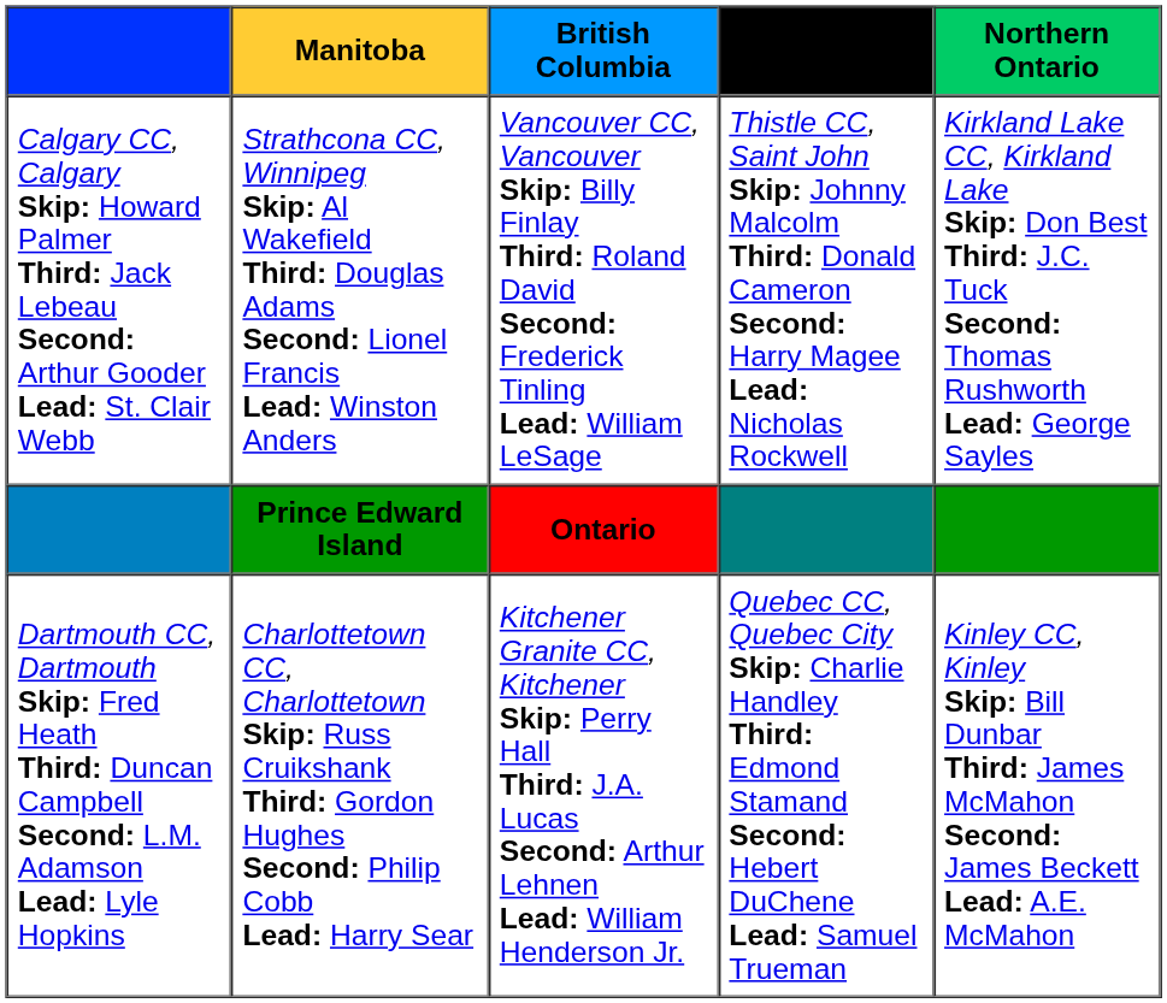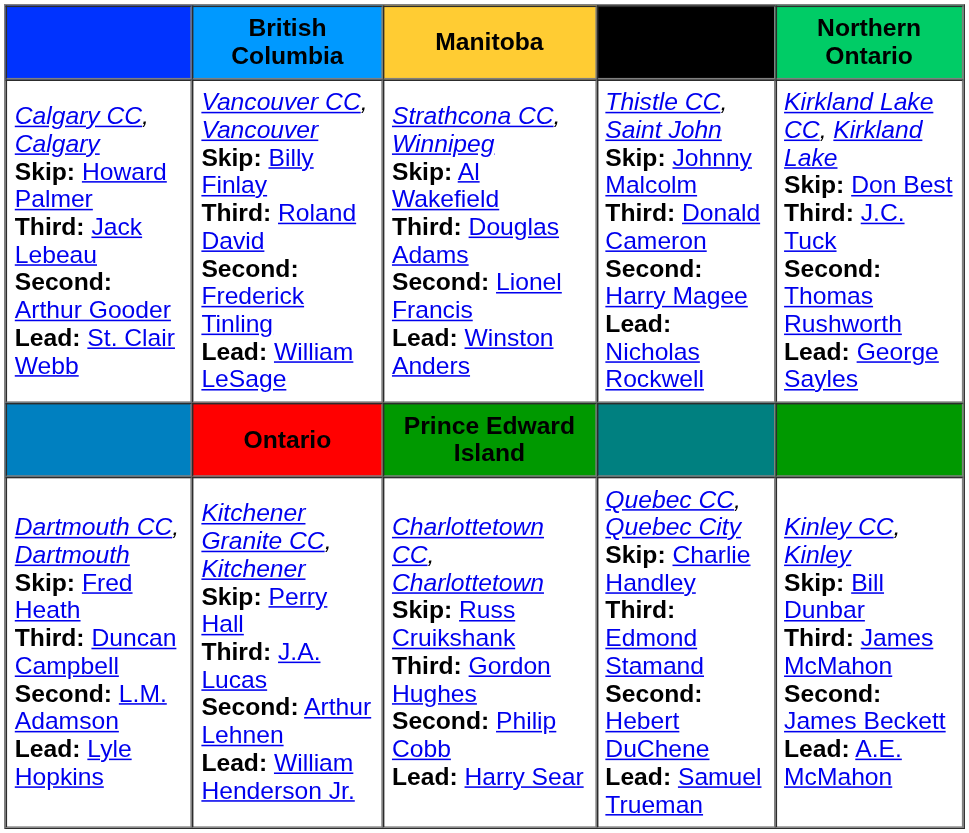 <table - border=1 cellpadding=5 cellspacing=0>
 <tr>
 <th bgcolor=#0033FF width=200></th>
+<th style="background:#09f; width:200px;">British Columbia</th>
 <th style="background:#FFCC33; width:200px;">Manitoba</th>
-<th style="background:#09f; width:200px;">British Columbia</th>
 <th bgcolor=#000000 width=200></th>
 <th style="background:#0c6; width:200px;">Northern Ontario</th>
 </tr>
 <tr>
 <td><em><a href='#'>Calgary CC</a>, <a href='#'>Calgary</a></em><br><strong>Skip:</strong> <a href='#'>Howard Palmer</a><br> <strong>Third:</strong> <a href='#'>Jack Lebeau</a><br> <strong>Second:</strong> <a href='#'>Arthur Gooder</a><br> <strong>Lead:</strong> <a href='#'>St. Clair Webb</a></td>
+<td><em><a href='#'>Vancouver CC</a>, <a href='#'>Vancouver</a></em><br><strong>Skip:</strong> <a href='#'>Billy Finlay</a><br> <strong>Third:</strong> <a href='#'>Roland David</a><br> <strong>Second:</strong> <a href='#'>Frederick Tinling</a><br> <strong>Lead:</strong> <a href='#'>William LeSage</a></td>
 <td><em><a href='#'>Strathcona CC</a>, <a href='#'>Winnipeg</a></em><br><strong>Skip:</strong> <a href='#'>Al Wakefield</a><br> <strong>Third:</strong> <a href='#'>Douglas Adams</a><br> <strong>Second:</strong> <a href='#'>Lionel Francis</a><br> <strong>Lead:</strong> <a href='#'>Winston Anders</a></td>
-<td><em><a href='#'>Vancouver CC</a>, <a href='#'>Vancouver</a></em><br><strong>Skip:</strong> <a href='#'>Billy Finlay</a><br> <strong>Third:</strong> <a href='#'>Roland David</a><br> <strong>Second:</strong> <a href='#'>Frederick Tinling</a><br> <strong>Lead:</strong> <a href='#'>William LeSage</a></td>
 <td><em><a href='#'>Thistle CC</a>, <a href='#'>Saint John</a></em><br><strong>Skip:</strong> <a href='#'>Johnny Malcolm</a><br> <strong>Third:</strong> <a href='#'>Donald Cameron</a><br> <strong>Second:</strong> <a href='#'>Harry Magee</a><br> <strong>Lead:</strong> <a href='#'>Nicholas Rockwell</a></td>
 <td><em><a href='#'>Kirkland Lake CC</a>, <a href='#'>Kirkland Lake</a></em><br><strong>Skip:</strong> <a href='#'>Don Best</a><br> <strong>Third:</strong> <a href='#'>J.C. Tuck</a><br> <strong>Second:</strong> <a href='#'>Thomas Rushworth</a><br> <strong>Lead:</strong> <a href='#'>George Sayles</a></td>
 </tr>
 <tr border=1 cellpadding=5 cellspacing=0>
 <th bgcolor=#0080C0 width=200></th>
+<th bgcolor=#FF0000 width=200>Ontario</th>
 <th style="background:#090; width:200px;">Prince Edward Island</th>
-<th bgcolor=#FF0000 width=200>Ontario</th>
 <th style="background:#008080; width:200px;"></th>
 <th bgcolor=#009900 width=200></th>
 </tr>
 <tr>
 <td><em><a href='#'>Dartmouth CC</a>, <a href='#'>Dartmouth</a></em><br><strong>Skip:</strong> <a href='#'>Fred Heath</a><br> <strong>Third:</strong> <a href='#'>Duncan Campbell</a><br> <strong>Second:</strong> <a href='#'>L.M. Adamson</a><br> <strong>Lead:</strong> <a href='#'>Lyle Hopkins</a></td>
+<td><em><a href='#'>Kitchener Granite CC</a>, <a href='#'>Kitchener</a></em><br><strong>Skip:</strong> <a href='#'>Perry Hall</a><br> <strong>Third:</strong> <a href='#'>J.A. Lucas</a><br> <strong>Second:</strong> <a href='#'>Arthur Lehnen</a><br> <strong>Lead:</strong> <a href='#'>William Henderson Jr.</a></td>
 <td><em><a href='#'>Charlottetown CC</a>, <a href='#'>Charlottetown</a></em><br><strong>Skip:</strong> <a href='#'>Russ Cruikshank</a><br> <strong>Third:</strong> <a href='#'>Gordon Hughes</a><br> <strong>Second:</strong> <a href='#'>Philip Cobb</a><br> <strong>Lead:</strong> <a href='#'>Harry Sear</a></td>
-<td><em><a href='#'>Kitchener Granite CC</a>, <a href='#'>Kitchener</a></em><br><strong>Skip:</strong> <a href='#'>Perry Hall</a><br> <strong>Third:</strong> <a href='#'>J.A. Lucas</a><br> <strong>Second:</strong> <a href='#'>Arthur Lehnen</a><br> <strong>Lead:</strong> <a href='#'>William Henderson Jr.</a></td>
 <td><em><a href='#'>Quebec CC</a>, <a href='#'>Quebec City</a></em><br><strong>Skip:</strong> <a href='#'>Charlie Handley</a><br> <strong>Third:</strong> <a href='#'>Edmond Stamand</a><br> <strong>Second:</strong> <a href='#'>Hebert DuChene</a><br> <strong>Lead:</strong> <a href='#'>Samuel Trueman</a></td>
 <td><em><a href='#'>Kinley CC</a>, <a href='#'>Kinley</a></em><br><strong>Skip:</strong> <a href='#'>Bill Dunbar</a><br> <strong>Third:</strong> <a href='#'>James McMahon</a><br> <strong>Second:</strong> <a href='#'>James Beckett</a><br> <strong>Lead:</strong> <a href='#'>A.E. McMahon</a></td>
 </tr>
 </table>
